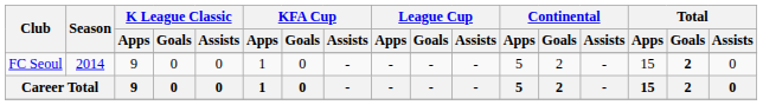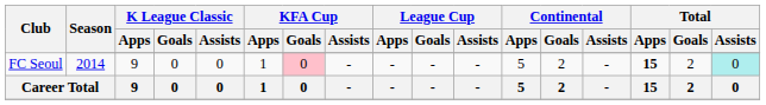 <table class="wikitable" style="font-size:90%; text-align:center;">
 <tr>
 <th rowspan=2>Club</th>
 <th rowspan=2>Season</th>
 <th colspan=3><a href='#'>K League Classic</a></th>
 <th colspan=3><a href='#'>KFA Cup</a></th>
 <th colspan=3><a href='#'>League Cup</a></th>
 <th colspan=3><a href='#'>Continental</a></th>
 <th colspan=3>Total</th>
 </tr>
 <tr>
 <th width=10>Apps</th>
 <th width=10>Goals</th>
 <th width=10>Assists</th>
 <th width=10>Apps</th>
 <th width=10>Goals</th>
 <th width=10>Assists</th>
 <th width=10>Apps</th>
 <th width=10>Goals</th>
 <th width=10>Assists</th>
 <th width=10>Apps</th>
 <th width=10>Goals</th>
 <th width=10>Assists</th>
 <th width=10>Apps</th>
 <th width=10>Goals</th>
 <th width=10>Assists</th>
 </tr>
 <tr>
 <td rowspan=2 valign="center"><a href='#'>FC Seoul</a></td>
 </tr>
 <tr>
 <td><a href='#'>2014</a></td>
 <td>9</td>
 <td>0</td>
 <td>0</td>
 <td>1</td>
-<td>0</td>
+<td style="background: pink;">0</td>
 <td>-</td>
 <td>-</td>
 <td>-</td>
 <td>-</td>
 <td>5</td>
 <td>2</td>
 <td>-</td>
-<td>15</td>
-<td><strong>2</strong></td>
-<td>0</td>
+<td><strong>15</strong></td>
+<td>2</td>
+<td style="background: paleturquoise;">0</td>
 </tr>
 <tr>
 <th colspan=2>Career Total</th>
 <th>9</th>
 <th>0</th>
 <th>0</th>
 <th>1</th>
 <th>0</th>
 <th>-</th>
 <th>-</th>
 <th>-</th>
 <th>-</th>
 <th>5</th>
 <th>2</th>
 <th>-</th>
 <th>15</th>
 <th>2</th>
 <th>0</th>
 </tr>
 <tr>
 </tr>
 </table>
